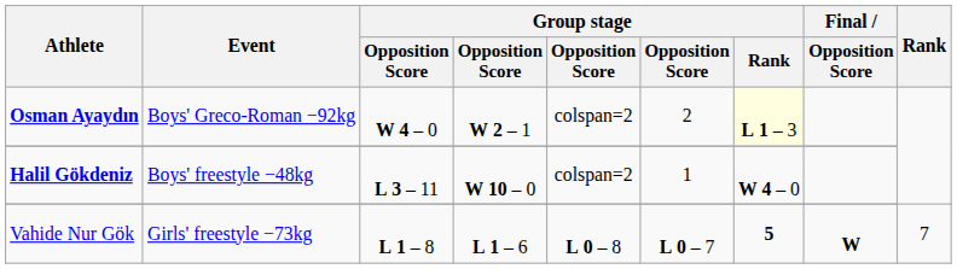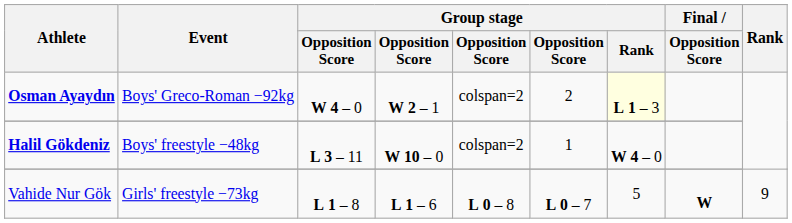 <table class="wikitable" style="font-size:90%">
 <tr>
 <th rowspan=2>Athlete</th>
 <th rowspan=2>Event</th>
 <th colspan=5>Group stage</th>
 <th>Final / </th>
 <th rowspan=2>Rank</th>
 </tr>
 <tr style="font-size:95%">
 <th>Opposition<br>Score</th>
 <th>Opposition<br>Score</th>
 <th>Opposition<br>Score</th>
 <th>Opposition<br>Score</th>
 <th>Rank</th>
 <th>Opposition<br>Score</th>
 </tr>
 <tr align=center>
 <td align=left><strong><a href='#'>Osman Ayaydın</a></strong></td>
 <td align=left><a href='#'>Boys' Greco-Roman −92kg</a></td>
 <td><br><strong>W</strong> <strong>4</strong> – 0 <sup> </sup></td>
 <td><br><strong>W</strong> <strong>2</strong> – 1 <sup></sup></td>
 <td>colspan=2 </td>
 <td>2 </td>
 <td style="background: lightyellow;"><br><strong>L</strong> <strong>1</strong> – 3 <sup></sup></td>
 <td></td>
 </tr>
 <tr>
 </tr>
 <tr align=center>
 <td align=left><strong><a href='#'>Halil Gökdeniz</a></strong></td>
 <td align=left><a href='#'>Boys' freestyle −48kg</a></td>
 <td><br><strong>L</strong> <strong>3</strong> – 11 <sup></sup></td>
 <td><br><strong>W</strong> <strong>10</strong> – 0 <sup></sup></td>
 <td>colspan=2 </td>
 <td>1 </td>
 <td><br><strong>W</strong> <strong>4</strong> – 0 <sup></sup></td>
 <td></td>
 </tr>
 <tr>
 </tr>
 <tr align=center>
 <td align=left><a href='#'>Vahide Nur Gök</a></td>
 <td align=left><a href='#'>Girls' freestyle −73kg</a></td>
 <td><br><strong>L</strong> <strong>1</strong> – 8 <sup></sup></td>
 <td><br><strong>L</strong> <strong>1</strong> – 6 <sup></sup></td>
 <td><br><strong>L</strong> <strong>0</strong> – 8 <sup></sup></td>
 <td><br><strong>L</strong> <strong>0</strong> – 7 <sup></sup></td>
-<td><strong>5 </strong></td>
+<td>5 </td>
 <td><br><strong>W</strong> <strong></strong></td>
-<td>7</td>
+<td>9</td>
 </tr>
 </table>
